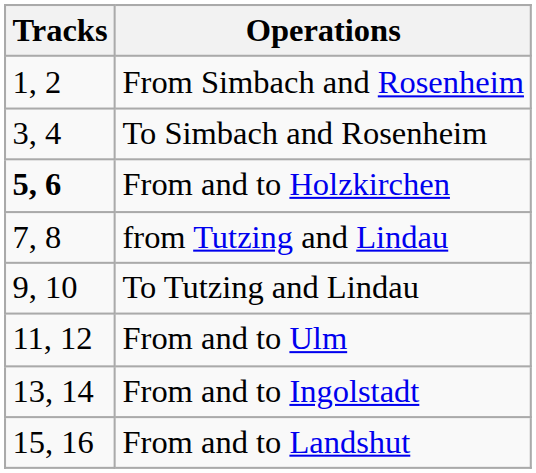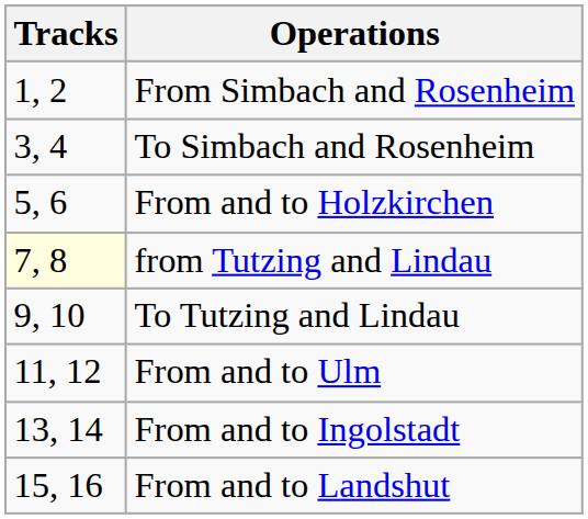 <table class="wikitable float-left">
 <tr>
 <th>Tracks</th>
 <th>Operations</th>
 </tr>
 <tr>
 <td>1, 2</td>
 <td>From Simbach and <a href='#'>Rosenheim</a></td>
 </tr>
 <tr>
 <td>3, 4</td>
 <td>To Simbach and Rosenheim</td>
 </tr>
 <tr>
-<td><strong>5, 6</strong></td>
+<td>5, 6</td>
 <td>From and to <a href='#'>Holzkirchen</a></td>
 </tr>
 <tr>
-<td>7, 8</td>
+<td style="background: lightyellow;">7, 8</td>
 <td>from <a href='#'>Tutzing</a> and <a href='#'>Lindau</a></td>
 </tr>
 <tr>
 <td>9, 10</td>
 <td>To Tutzing and Lindau</td>
 </tr>
 <tr>
 <td>11, 12</td>
 <td>From and to <a href='#'>Ulm</a></td>
 </tr>
 <tr>
 <td>13, 14</td>
 <td>From and to <a href='#'>Ingolstadt</a></td>
 </tr>
 <tr>
 <td>15, 16</td>
 <td>From and to <a href='#'>Landshut</a></td>
 </tr>
 </table>
